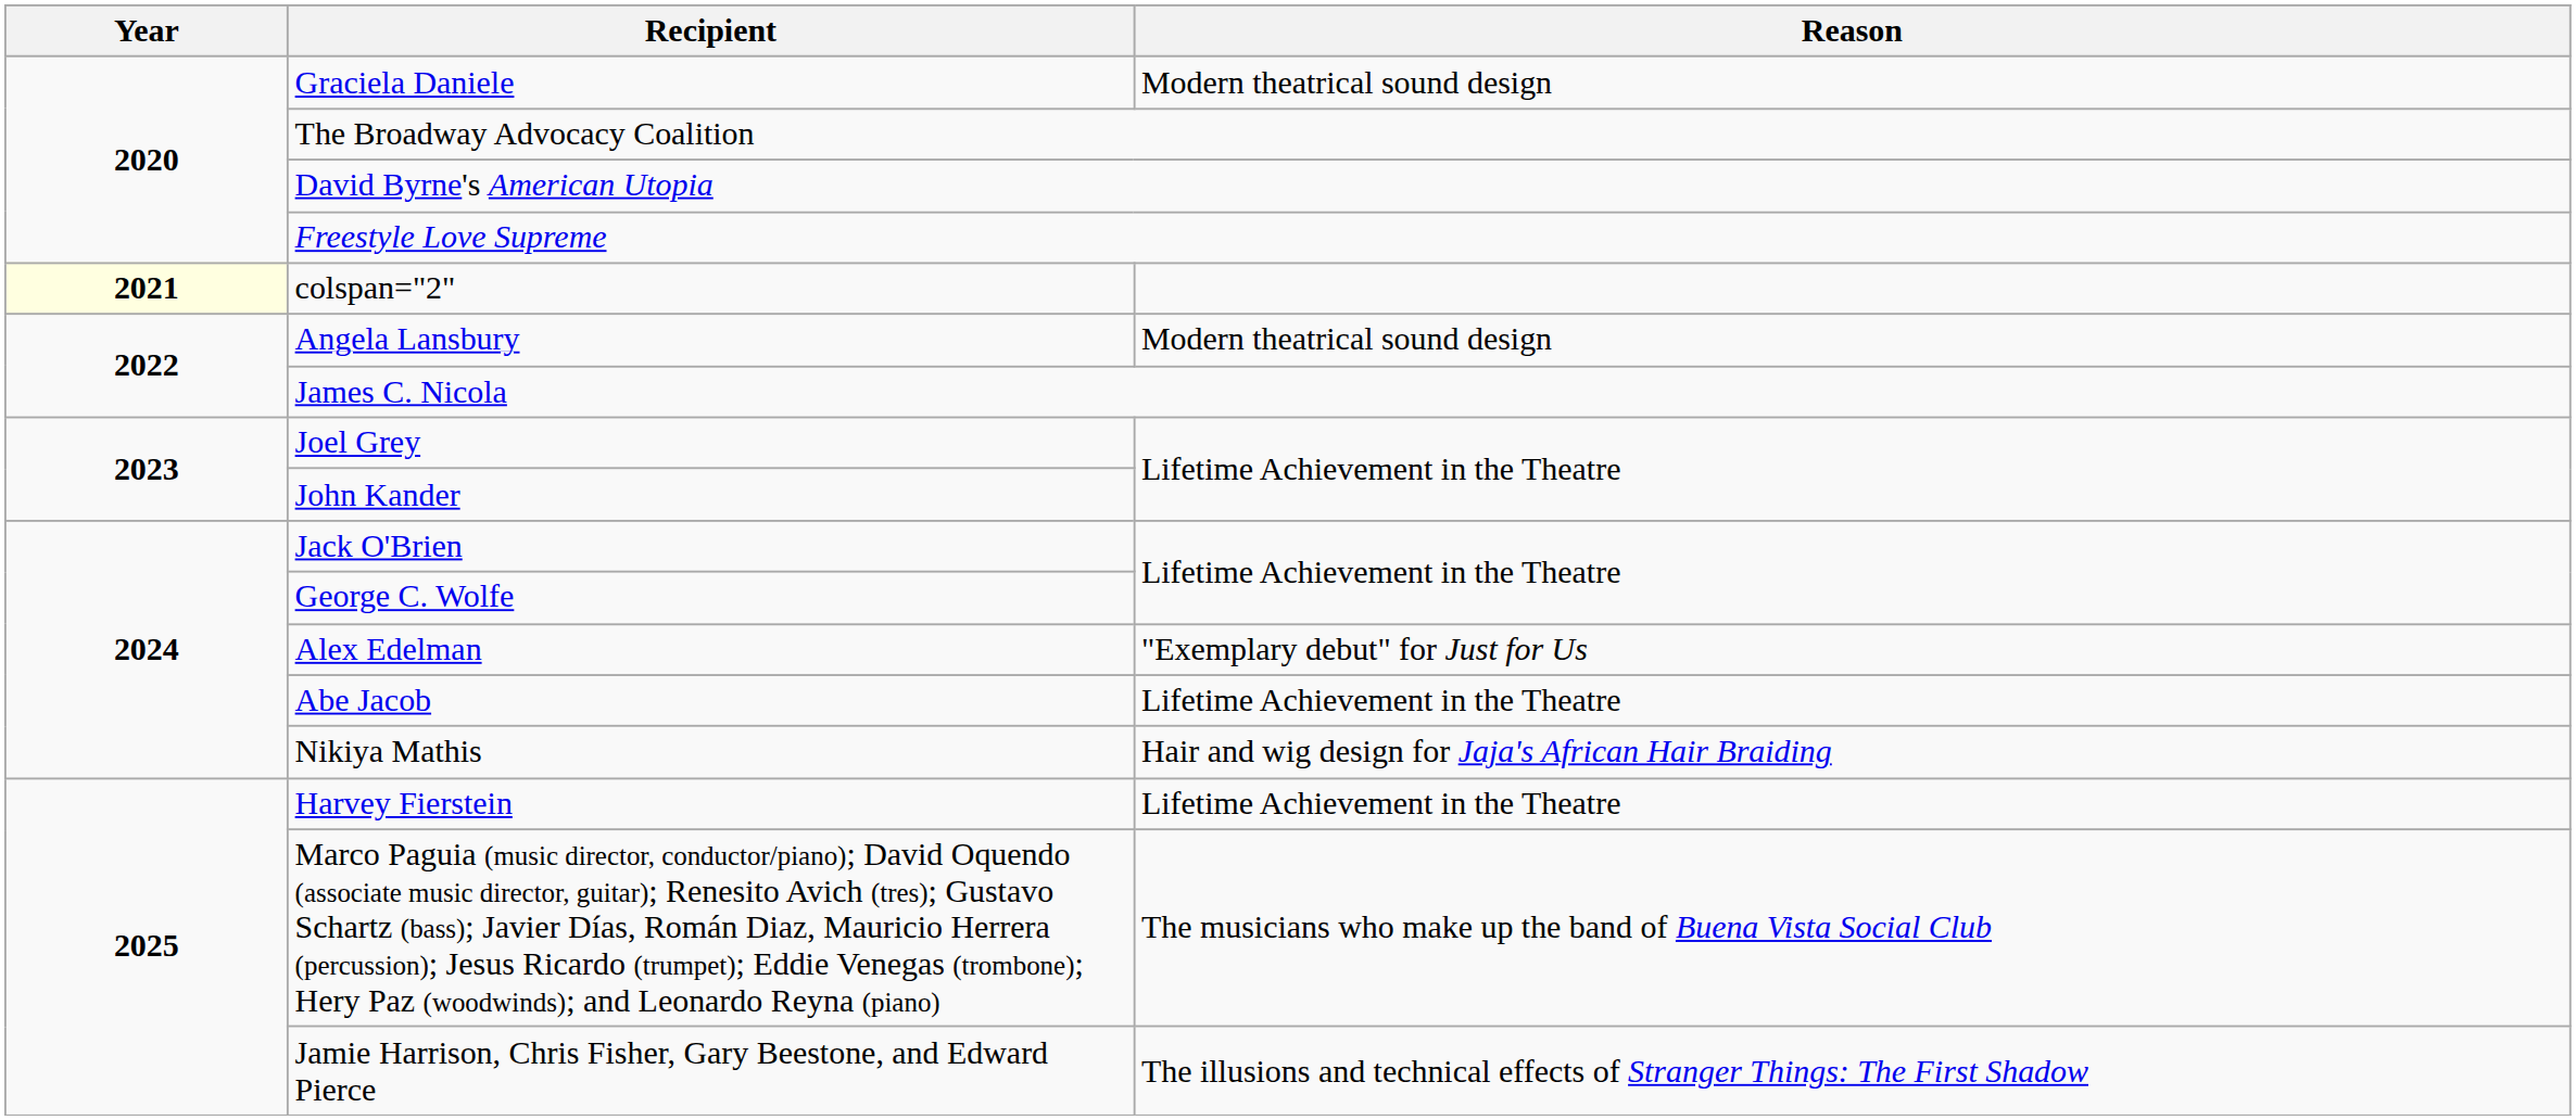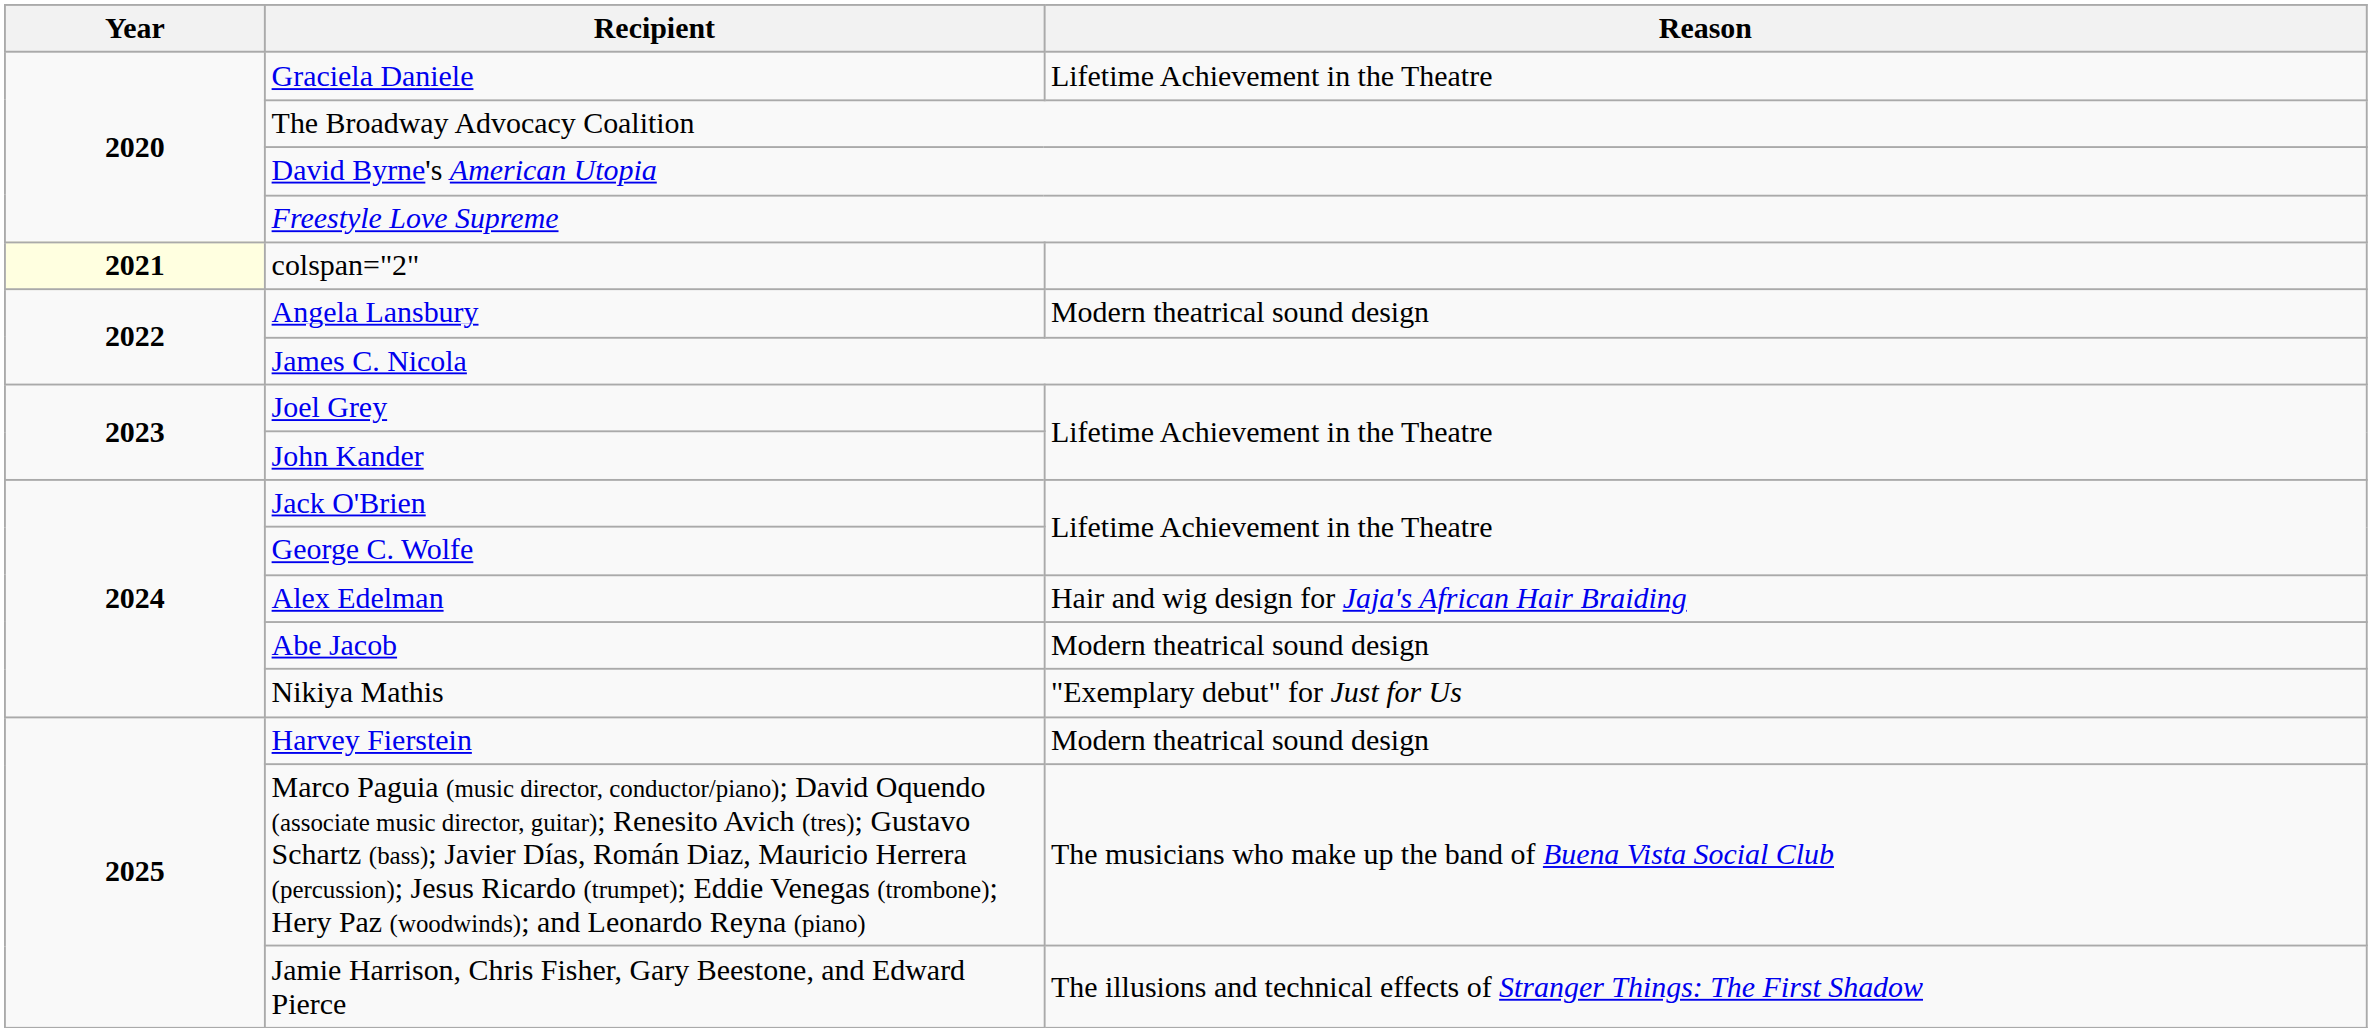 <table class="wikitable" style="width:100%;">
 <tr style="background:#bebebe;">
 <th style="width:11%;">Year</th>
 <th style="width:33%;”">Recipient</th>
 <th style="width:56%;”">Reason</th>
 </tr>
 <tr>
 <td rowspan="4" align="center"><strong>2020</strong><br></td>
 <td><a href='#'>Graciela Daniele</a></td>
-<td>Modern theatrical sound design</td>
+<td>Lifetime Achievement in the Theatre</td>
 </tr>
 <tr>
 <td colspan="2">The Broadway Advocacy Coalition</td>
 </tr>
 <tr>
 <td colspan="2"><a href='#'>David Byrne</a>'s <em><a href='#'>American Utopia</a></em></td>
 </tr>
 <tr>
 <td colspan="2"><em><a href='#'>Freestyle Love Supreme</a></em></td>
 </tr>
 <tr>
 <td align="center" style="background: lightyellow;"><strong>2021</strong><br></td>
 <td>colspan="2" </td>
 </tr>
 <tr>
 <td rowspan="2" align="center"><strong>2022</strong><br></td>
 <td><a href='#'>Angela Lansbury</a></td>
 <td>Modern theatrical sound design</td>
 </tr>
 <tr>
 <td colspan="2"><a href='#'>James C. Nicola</a></td>
 </tr>
 <tr>
 <td rowspan="2" align="center"><strong>2023</strong><br></td>
 <td><a href='#'>Joel Grey</a></td>
 <td rowspan="2">Lifetime Achievement in the Theatre</td>
 </tr>
 <tr>
 <td><a href='#'>John Kander</a></td>
 </tr>
 <tr>
 <td rowspan="5" align="center"><strong>2024</strong><br></td>
 <td><a href='#'>Jack O'Brien</a></td>
 <td rowspan="2">Lifetime Achievement in the Theatre</td>
 </tr>
 <tr>
 <td><a href='#'>George C. Wolfe</a></td>
 </tr>
 <tr>
 <td><a href='#'>Alex Edelman</a></td>
-<td>"Exemplary debut" for <em>Just for Us</em></td>
+<td>Hair and wig design for <em><a href='#'>Jaja's African Hair Braiding</a></em></td>
 </tr>
 <tr>
 <td><a href='#'>Abe Jacob</a></td>
-<td>Lifetime Achievement in the Theatre</td>
+<td>Modern theatrical sound design</td>
 </tr>
 <tr>
 <td>Nikiya Mathis</td>
-<td>Hair and wig design for <em><a href='#'>Jaja's African Hair Braiding</a></em></td>
+<td>"Exemplary debut" for <em>Just for Us</em></td>
 </tr>
 <tr>
 <td rowspan="3" align="center"><strong>2025</strong><br></td>
 <td><a href='#'>Harvey Fierstein</a></td>
-<td>Lifetime Achievement in the Theatre</td>
+<td>Modern theatrical sound design</td>
 </tr>
 <tr>
 <td>Marco Paguia <small>(music director, conductor/piano)</small>; David Oquendo <small>(associate music director, guitar)</small>; Renesito Avich <small>(tres)</small>; Gustavo Schartz <small>(bass)</small>; Javier Días, Román Diaz, Mauricio Herrera <small>(percussion)</small>; Jesus Ricardo <small>(trumpet)</small>; Eddie Venegas <small>(trombone)</small>; Hery Paz <small>(woodwinds)</small>; and Leonardo Reyna <small>(piano)</small></td>
 <td>The musicians who make up the band of <em><a href='#'>Buena Vista Social Club</a></em></td>
 </tr>
 <tr>
 <td>Jamie Harrison, Chris Fisher, Gary Beestone, and Edward Pierce</td>
 <td>The illusions and technical effects of <em><a href='#'>Stranger Things: The First Shadow</a></em></td>
 </tr>
 </table>
